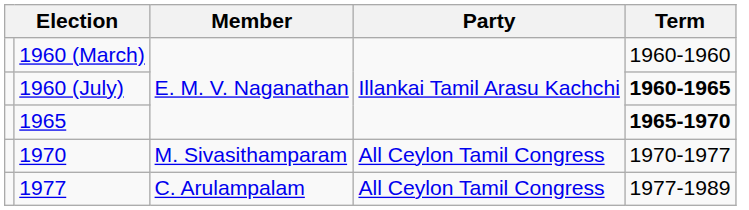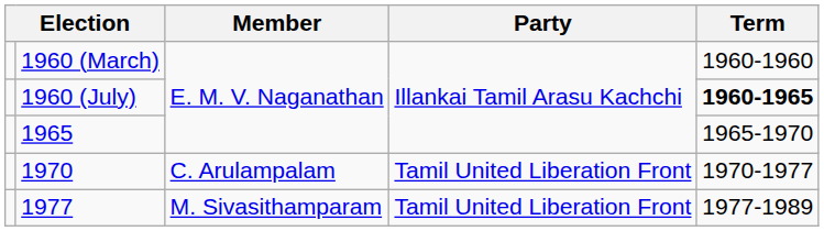 <table class="wikitable">
 <tr>
 <th colspan="2">Election</th>
 <th>Member</th>
 <th>Party</th>
 <th>Term</th>
 </tr>
 <tr>
 <td style="background-color: "></td>
 <td><a href='#'>1960 (March)</a></td>
 <td rowspan ="3"><a href='#'>E. M. V. Naganathan</a></td>
 <td rowspan ="3"><a href='#'>Illankai Tamil Arasu Kachchi</a></td>
 <td>1960-1960</td>
 </tr>
 <tr>
 <td style="background-color: "></td>
 <td><a href='#'>1960 (July)</a></td>
 <td><strong>1960-1965</strong></td>
 </tr>
 <tr>
 <td style="background-color: "></td>
 <td><a href='#'>1965</a></td>
-<td><strong>1965-1970</strong></td>
+<td>1965-1970</td>
 </tr>
 <tr>
 <td style="background-color: "></td>
 <td><a href='#'>1970</a></td>
-<td><a href='#'>M. Sivasithamparam</a></td>
-<td><a href='#'>All Ceylon Tamil Congress</a></td>
+<td><a href='#'>C. Arulampalam</a></td>
+<td><a href='#'>Tamil United Liberation Front</a></td>
 <td>1970-1977</td>
 </tr>
 <tr>
 <td style="background-color: "></td>
 <td><a href='#'>1977</a></td>
-<td><a href='#'>C. Arulampalam</a></td>
-<td><a href='#'>All Ceylon Tamil Congress</a></td>
+<td><a href='#'>M. Sivasithamparam</a></td>
+<td><a href='#'>Tamil United Liberation Front</a></td>
 <td>1977-1989</td>
 </tr>
 </table>
